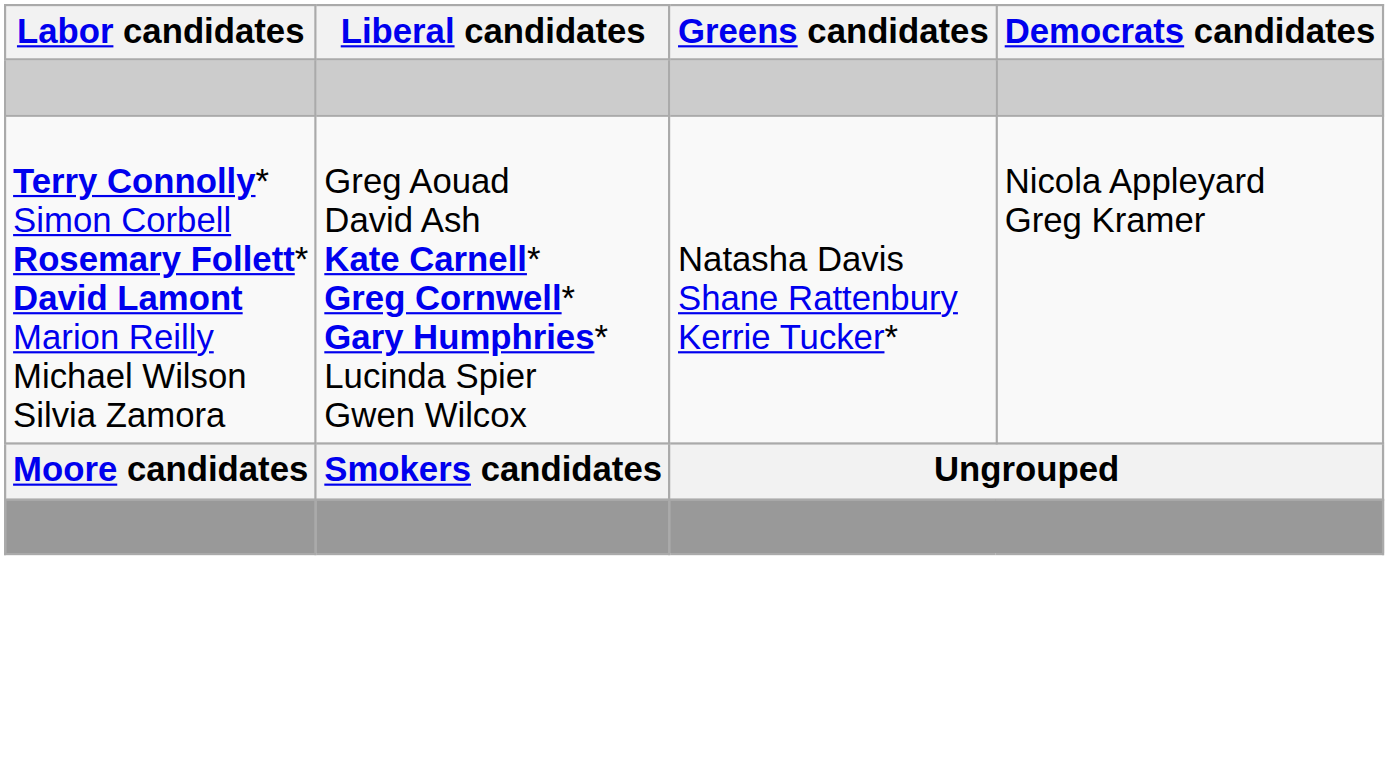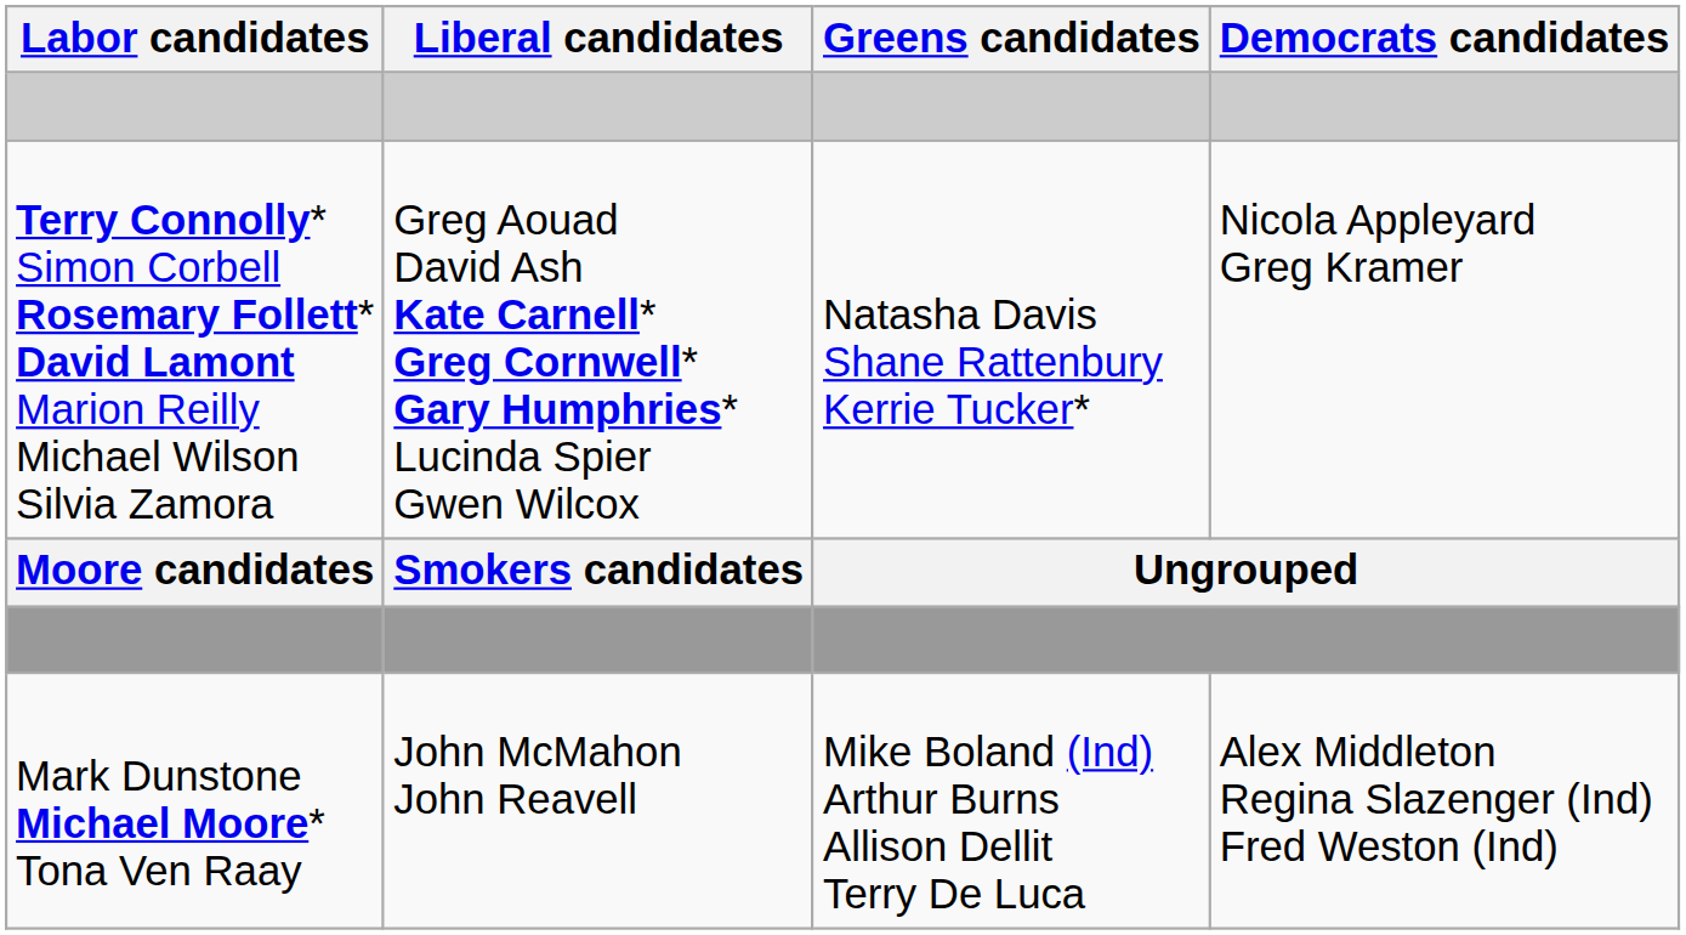 <table class="wikitable">
 <tr>
 <th><a href='#'>Labor</a> candidates</th>
 <th><a href='#'>Liberal</a> candidates</th>
 <th><a href='#'>Greens</a> candidates</th>
 <th><a href='#'>Democrats</a> candidates</th>
 </tr>
 <tr bgcolor="#cccccc">
 <td></td>
 <td></td>
 <td></td>
 <td> </td>
 </tr>
 <tr>
 <td><br><strong><a href='#'>Terry Connolly</a></strong>* <br> <a href='#'>Simon Corbell</a> <br> <strong><a href='#'>Rosemary Follett</a></strong>* <br> <strong><a href='#'>David Lamont</a></strong> <br> <a href='#'>Marion Reilly</a> <br> Michael Wilson <br> Silvia Zamora</td>
 <td><br>Greg Aouad <br> David Ash <br> <strong><a href='#'>Kate Carnell</a></strong>* <br> <strong><a href='#'>Greg Cornwell</a></strong>* <br> <strong><a href='#'>Gary Humphries</a></strong>* <br> Lucinda Spier <br> Gwen Wilcox</td>
 <td><br>Natasha Davis <br> <a href='#'>Shane Rattenbury</a> <br> <a href='#'>Kerrie Tucker</a>*</td>
 <td valign=top><br>Nicola Appleyard <br> Greg Kramer</td>
 </tr>
 <tr bgcolor="#cccccc">
 <th><a href='#'>Moore</a> candidates</th>
 <th><a href='#'>Smokers</a> candidates</th>
 <th colspan="2">Ungrouped</th>
 </tr>
 <tr bgcolor="#cccccc">
 <td bgcolor="#999999"></td>
 <td bgcolor="#999999"></td>
 <td colspan="2" bgcolor="#999999"> </td>
 </tr>
+<tr>
+<td><br>Mark Dunstone <br> <strong><a href='#'>Michael Moore</a></strong>* <br> Tona Ven Raay</td>
+<td valign=top><br>John McMahon <br> John Reavell</td>
+<td valign=top><br>Mike Boland <a href='#'>(Ind)</a> <br> Arthur Burns  <br> Allison Dellit <br> Terry De Luca</td>
+<td valign=top><br>Alex Middleton <br> Regina Slazenger (Ind) <br> Fred Weston (Ind) <br></td>
+</tr>
 </table>
